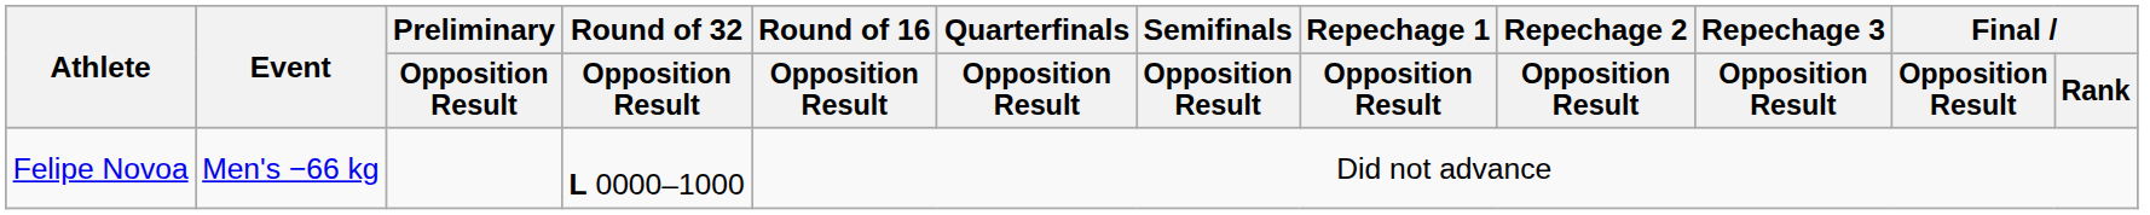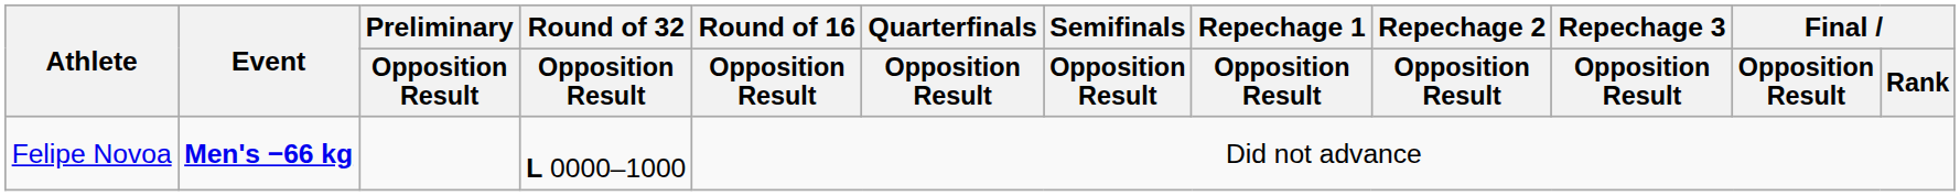 <table class="wikitable" style="font-size:90%">
 <tr>
 <th rowspan="2">Athlete</th>
 <th rowspan="2">Event</th>
 <th>Preliminary</th>
 <th>Round of 32</th>
 <th>Round of 16</th>
 <th>Quarterfinals</th>
 <th>Semifinals</th>
 <th>Repechage 1</th>
 <th>Repechage 2</th>
 <th>Repechage 3</th>
 <th colspan=2>Final / </th>
 </tr>
 <tr style="font-size:95%">
 <th>Opposition<br>Result</th>
 <th>Opposition<br>Result</th>
 <th>Opposition<br>Result</th>
 <th>Opposition<br>Result</th>
 <th>Opposition<br>Result</th>
 <th>Opposition<br>Result</th>
 <th>Opposition<br>Result</th>
 <th>Opposition<br>Result</th>
 <th>Opposition<br>Result</th>
 <th>Rank</th>
 </tr>
 <tr align=center>
 <td align=left><a href='#'>Felipe Novoa</a></td>
-<td align=left><a href='#'>Men's −66 kg</a></td>
+<td align=left><strong><a href='#'>Men's −66 kg</a></strong></td>
 <td></td>
 <td><br><strong>L</strong> 0000–1000</td>
 <td colspan=8>Did not advance</td>
 </tr>
 </table>
